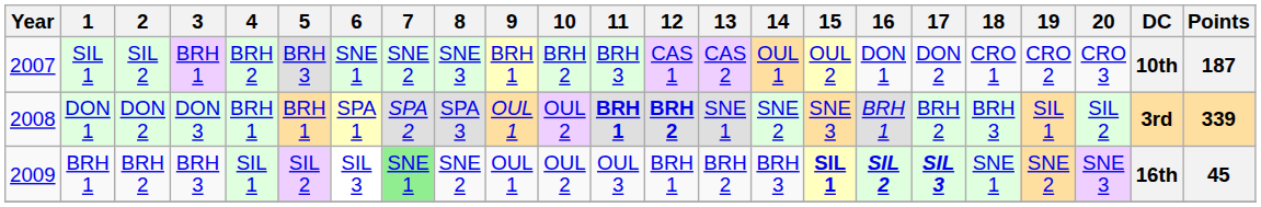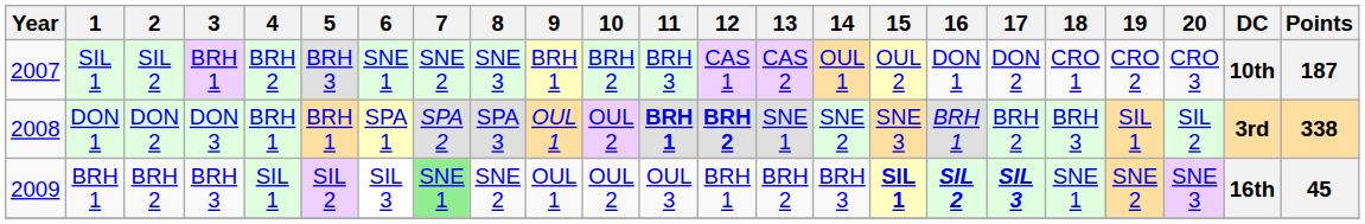 <table class="wikitable" style="text-align:center; font-size:85%">
 <tr>
 <th>Year</th>
 <th>1</th>
 <th>2</th>
 <th>3</th>
 <th>4</th>
 <th>5</th>
 <th>6</th>
 <th>7</th>
 <th>8</th>
 <th>9</th>
 <th>10</th>
 <th>11</th>
 <th>12</th>
 <th>13</th>
 <th>14</th>
 <th>15</th>
 <th>16</th>
 <th>17</th>
 <th>18</th>
 <th>19</th>
 <th>20</th>
 <th>DC</th>
 <th>Points</th>
 </tr>
 <tr>
 <td><a href='#'>2007</a></td>
 <td style="background:#DFFFDF;"><a href='#'>SIL<br>1</a><br></td>
 <td style="background:#DFFFDF;"><a href='#'>SIL<br>2</a><br></td>
 <td style="background:#EFCFFF;"><a href='#'>BRH<br>1</a><br></td>
 <td style="background:#DFFFDF;"><a href='#'>BRH<br>2</a><br></td>
 <td style="background:#DFDFDF;"><a href='#'>BRH<br>3</a><br></td>
 <td style="background:#DFFFDF;"><a href='#'>SNE<br>1</a><br></td>
 <td style="background:#DFFFDF;"><a href='#'>SNE<br>2</a><br></td>
 <td style="background:#DFFFDF;"><a href='#'>SNE<br>3</a><br></td>
 <td style="background:#FFFFBF;"><a href='#'>BRH<br>1</a><br></td>
 <td style="background:#DFFFDF;"><a href='#'>BRH<br>2</a><br></td>
 <td style="background:#DFFFDF;"><a href='#'>BRH<br>3</a><br></td>
 <td style="background:#EFCFFF;"><a href='#'>CAS<br>1</a><br></td>
 <td style="background:#EFCFFF;"><a href='#'>CAS<br>2</a><br></td>
 <td style="background:#FFDF9F;"><a href='#'>OUL<br>1</a><br></td>
 <td style="background:#FFFFBF;"><a href='#'>OUL<br>2</a><br></td>
 <td><a href='#'>DON<br>1</a></td>
 <td><a href='#'>DON<br>2</a></td>
 <td><a href='#'>CRO<br>1</a></td>
 <td><a href='#'>CRO<br>2</a></td>
 <td><a href='#'>CRO<br>3</a></td>
 <th>10th</th>
 <th>187</th>
 </tr>
 <tr>
 <td><a href='#'>2008</a></td>
 <td style="background:#DFFFDF;"><a href='#'>DON<br>1</a><br></td>
 <td style="background:#DFFFDF;"><a href='#'>DON<br>2</a><br></td>
 <td style="background:#DFFFDF;"><a href='#'>DON<br>3</a><br></td>
 <td style="background:#DFFFDF;"><a href='#'>BRH<br>1</a><br></td>
 <td style="background:#FFDF9F;"><a href='#'>BRH<br>1</a><br></td>
 <td style="background:#FFFFBF;"><a href='#'>SPA<br>1</a><br></td>
 <td style="background:#DFDFDF;"><em><a href='#'>SPA<br>2</a></em><br></td>
 <td style="background:#DFDFDF;"><a href='#'>SPA<br>3</a><br></td>
 <td style="background:#FFDF9F;"><em><a href='#'>OUL<br>1</a></em><br></td>
 <td style="background:#EFCFFF;"><a href='#'>OUL<br>2</a><br></td>
 <td style="background:#DFDFDF;"><strong><a href='#'>BRH<br>1</a></strong><br></td>
 <td style="background:#DFDFDF;"><strong><a href='#'>BRH<br>2</a></strong><br></td>
 <td style="background:#DFDFDF;"><a href='#'>SNE<br>1</a><br></td>
 <td style="background:#DFFFDF;"><a href='#'>SNE<br>2</a><br></td>
 <td style="background:#FFDF9F;"><a href='#'>SNE<br>3</a><br></td>
 <td style="background:#DFDFDF;"><em><a href='#'>BRH<br>1</a></em><br></td>
 <td style="background:#DFFFDF;"><a href='#'>BRH<br>2</a><br></td>
 <td style="background:#DFFFDF;"><a href='#'>BRH<br>3</a><br></td>
 <td style="background:#FFDF9F;"><a href='#'>SIL<br>1</a><br></td>
 <td style="background:#DFFFDF;"><a href='#'>SIL<br>2</a><br></td>
 <th style="background:#FFDF9F;">3rd</th>
-<th style="background:#FFDF9F;">339</th>
+<th style="background:#FFDF9F;">338</th>
 </tr>
 <tr>
 <td><a href='#'>2009</a></td>
 <td><a href='#'>BRH<br>1</a></td>
 <td><a href='#'>BRH<br>2</a></td>
 <td><a href='#'>BRH<br>3</a></td>
 <td style="background:#DFFFDF;"><a href='#'>SIL<br>1</a><br></td>
 <td style="background:#EFCFFF;"><a href='#'>SIL<br>2</a><br></td>
 <td style="background:#FFFFFF;"><a href='#'>SIL<br>3</a><br></td>
 <td style="background: lightgreen;"><a href='#'>SNE<br>1</a></td>
 <td><a href='#'>SNE<br>2</a></td>
 <td><a href='#'>OUL<br>1</a></td>
 <td><a href='#'>OUL<br>2</a></td>
 <td><a href='#'>OUL<br>3</a></td>
 <td><a href='#'>BRH<br>1</a></td>
 <td><a href='#'>BRH<br>2</a></td>
 <td><a href='#'>BRH<br>3</a></td>
 <td style="background:#FFFFBF;"><strong><a href='#'>SIL<br>1</a></strong><br></td>
 <td style="background:#DFFFDF;"><strong><em><a href='#'>SIL<br>2</a></em></strong><br></td>
 <td style="background:#DFFFDF;"><strong><em><a href='#'>SIL<br>3</a></em></strong><br></td>
 <td style="background:#DFFFDF;"><a href='#'>SNE<br>1</a><br></td>
 <td style="background:#FFDF9F;"><a href='#'>SNE<br>2</a><br></td>
 <td style="background:#EFCFFF;"><a href='#'>SNE<br>3</a><br></td>
 <th>16th</th>
 <th>45</th>
 </tr>
 <tr>
 </tr>
 </table>
